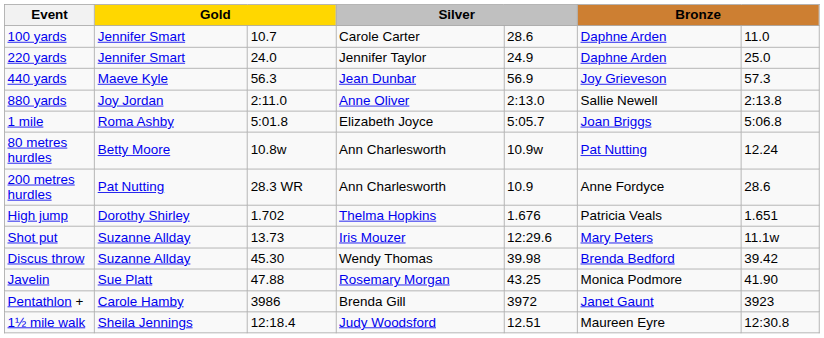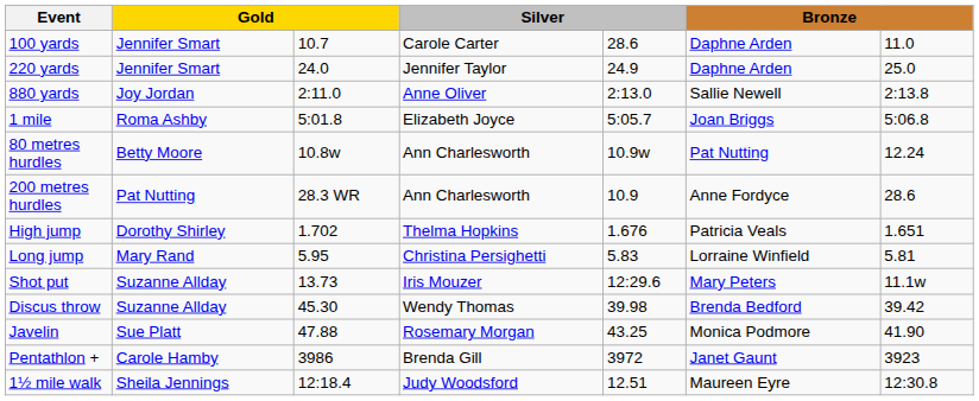 <table class="wikitable" style="text-align:left">
 <tr>
 <th width=100>Event</th>
 <th colspan="2" width="280" style="background:gold;">Gold</th>
 <th colspan="2" width="280" style="background:silver;">Silver</th>
 <th colspan="2" width="280" style="background:#CD7F32;">Bronze</th>
 </tr>
 <tr>
 <td><a href='#'>100 yards</a></td>
 <td> <a href='#'>Jennifer Smart</a></td>
 <td>10.7</td>
 <td>Carole Carter</td>
 <td>28.6</td>
 <td><a href='#'>Daphne Arden</a></td>
 <td>11.0</td>
 </tr>
 <tr>
 <td><a href='#'>220 yards</a></td>
 <td> <a href='#'>Jennifer Smart</a></td>
 <td>24.0</td>
 <td>Jennifer Taylor</td>
 <td>24.9</td>
 <td><a href='#'>Daphne Arden</a></td>
 <td>25.0</td>
-</tr>
-<tr>
-<td><a href='#'>440 yards</a></td>
-<td> <a href='#'>Maeve Kyle</a></td>
-<td>56.3</td>
-<td><a href='#'>Jean Dunbar</a></td>
-<td>56.9</td>
-<td><a href='#'>Joy Grieveson</a></td>
-<td>57.3</td>
 </tr>
 <tr>
 <td><a href='#'>880 yards</a></td>
 <td><a href='#'>Joy Jordan</a></td>
 <td>2:11.0</td>
 <td><a href='#'>Anne Oliver</a></td>
 <td>2:13.0</td>
 <td>Sallie Newell</td>
 <td>2:13.8</td>
 </tr>
 <tr>
 <td><a href='#'>1 mile</a></td>
 <td><a href='#'>Roma Ashby</a></td>
 <td>5:01.8</td>
 <td>Elizabeth Joyce</td>
 <td>5:05.7</td>
 <td><a href='#'>Joan Briggs</a></td>
 <td>5:06.8</td>
 </tr>
 <tr>
 <td><a href='#'>80 metres hurdles</a></td>
 <td> <a href='#'>Betty Moore</a></td>
 <td>10.8w</td>
 <td>Ann Charlesworth</td>
 <td>10.9w</td>
 <td><a href='#'>Pat Nutting</a></td>
 <td>12.24</td>
 </tr>
 <tr>
 <td><a href='#'>200 metres hurdles</a></td>
 <td><a href='#'>Pat Nutting</a></td>
 <td>28.3 WR</td>
 <td>Ann Charlesworth</td>
 <td>10.9</td>
 <td>Anne Fordyce</td>
 <td>28.6</td>
 </tr>
 <tr>
 <td><a href='#'>High jump</a></td>
 <td><a href='#'>Dorothy Shirley</a></td>
 <td>1.702</td>
 <td><a href='#'>Thelma Hopkins</a></td>
 <td>1.676</td>
 <td>Patricia Veals</td>
 <td>1.651</td>
 </tr>
 <tr>
+<td><a href='#'>Long jump</a></td>
+<td><a href='#'>Mary Rand</a></td>
+<td>5.95</td>
+<td><a href='#'>Christina Persighetti</a></td>
+<td>5.83</td>
+<td>Lorraine Winfield</td>
+<td>5.81</td>
+</tr>
+<tr>
 <td><a href='#'>Shot put</a></td>
 <td><a href='#'>Suzanne Allday</a></td>
 <td>13.73</td>
 <td><a href='#'>Iris Mouzer</a></td>
 <td>12:29.6</td>
 <td> <a href='#'>Mary Peters</a></td>
 <td>11.1w</td>
 </tr>
 <tr>
 <td><a href='#'>Discus throw</a></td>
 <td><a href='#'>Suzanne Allday</a></td>
 <td>45.30</td>
 <td>Wendy Thomas</td>
 <td>39.98</td>
 <td><a href='#'>Brenda Bedford</a></td>
 <td>39.42</td>
 </tr>
 <tr>
 <td><a href='#'>Javelin</a></td>
 <td><a href='#'>Sue Platt</a></td>
 <td>47.88</td>
 <td><a href='#'>Rosemary Morgan</a></td>
 <td>43.25</td>
 <td>Monica Podmore</td>
 <td>41.90</td>
 </tr>
 <tr>
 <td><a href='#'>Pentathlon</a> +</td>
 <td><a href='#'>Carole Hamby</a></td>
 <td>3986</td>
 <td>Brenda Gill</td>
 <td>3972</td>
 <td><a href='#'>Janet Gaunt</a></td>
 <td>3923</td>
 </tr>
 <tr>
 <td><a href='#'>1½ mile walk</a></td>
 <td><a href='#'>Sheila Jennings</a></td>
 <td>12:18.4</td>
 <td><a href='#'>Judy Woodsford</a></td>
 <td>12.51</td>
 <td>Maureen Eyre</td>
 <td>12:30.8</td>
 </tr>
 </table>
